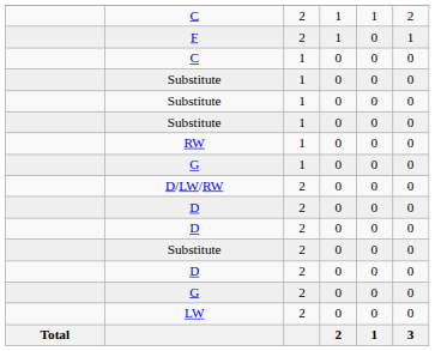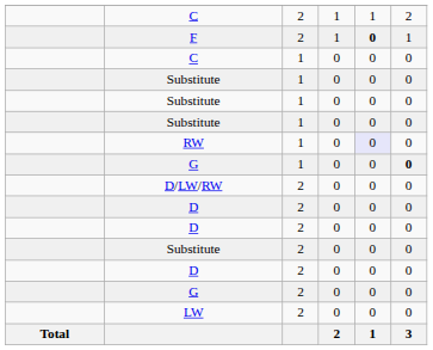 <table class="wikitable sortable" width ="40%">
 <tr align="center">
 </tr>
 <tr align="center">
 <td></td>
 <td><a href='#'>C</a></td>
 <td>2</td>
 <td>1</td>
 <td>1</td>
 <td>2</td>
 </tr>
 <tr align="center" bgcolor="f0f0f0">
 <td></td>
 <td><a href='#'>F</a></td>
 <td>2</td>
 <td>1</td>
-<td>0</td>
+<td><strong>0</strong></td>
 <td>1</td>
 </tr>
 <tr align="center">
 <td></td>
 <td><a href='#'>C</a></td>
 <td>1</td>
 <td>0</td>
 <td>0</td>
 <td>0</td>
 </tr>
 <tr align="center" bgcolor="f0f0f0">
 <td></td>
 <td>Substitute</td>
 <td>1</td>
 <td>0</td>
 <td>0</td>
 <td>0</td>
 </tr>
 <tr align="center">
 <td></td>
 <td>Substitute</td>
 <td>1</td>
 <td>0</td>
 <td>0</td>
 <td>0</td>
 </tr>
 <tr align="center" bgcolor="f0f0f0">
 <td></td>
 <td>Substitute</td>
 <td>1</td>
 <td>0</td>
 <td>0</td>
 <td>0</td>
 </tr>
 <tr align="center">
 <td></td>
 <td><a href='#'>RW</a></td>
 <td>1</td>
 <td>0</td>
-<td>0</td>
+<td style="background: lavender;">0</td>
 <td>0</td>
 </tr>
 <tr align="center" bgcolor="f0f0f0">
 <td></td>
 <td><a href='#'>G</a></td>
 <td>1</td>
 <td>0</td>
 <td>0</td>
-<td>0</td>
+<td><strong>0</strong></td>
 </tr>
 <tr align="center">
 <td></td>
 <td><a href='#'>D</a>/<a href='#'>LW</a>/<a href='#'>RW</a></td>
 <td>2</td>
 <td>0</td>
 <td>0</td>
 <td>0</td>
 </tr>
 <tr align="center" bgcolor="f0f0f0">
 <td></td>
 <td><a href='#'>D</a></td>
 <td>2</td>
 <td>0</td>
 <td>0</td>
 <td>0</td>
 </tr>
 <tr align="center">
 <td></td>
 <td><a href='#'>D</a></td>
 <td>2</td>
 <td>0</td>
 <td>0</td>
 <td>0</td>
 </tr>
 <tr align="center" bgcolor="f0f0f0">
 <td></td>
 <td>Substitute</td>
 <td>2</td>
 <td>0</td>
 <td>0</td>
 <td>0</td>
 </tr>
 <tr align="center">
 <td></td>
 <td><a href='#'>D</a></td>
 <td>2</td>
 <td>0</td>
 <td>0</td>
 <td>0</td>
 </tr>
 <tr align="center" bgcolor="f0f0f0">
 <td></td>
 <td><a href='#'>G</a></td>
 <td>2</td>
 <td>0</td>
 <td>0</td>
 <td>0</td>
 </tr>
 <tr align="center">
 <td></td>
 <td><a href='#'>LW</a></td>
 <td>2</td>
 <td>0</td>
 <td>0</td>
 <td>0</td>
 </tr>
 <tr>
 <th>Total</th>
 <th></th>
 <th></th>
 <th>2</th>
 <th>1</th>
 <th>3</th>
 </tr>
 </table>
